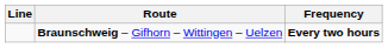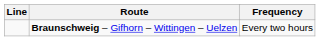 <table class="wikitable">
 <tr>
 <th>Line</th>
 <th colspan="2">Route</th>
 <th>Frequency</th>
 </tr>
 <tr>
 <td></td>
 <td colspan="2"><strong>Braunschweig</strong> – <a href='#'>Gifhorn</a> – <a href='#'>Wittingen</a> – <a href='#'>Uelzen</a></td>
-<td><strong>Every two hours</strong></td>
+<td>Every two hours</td>
 </tr>
 </table>
